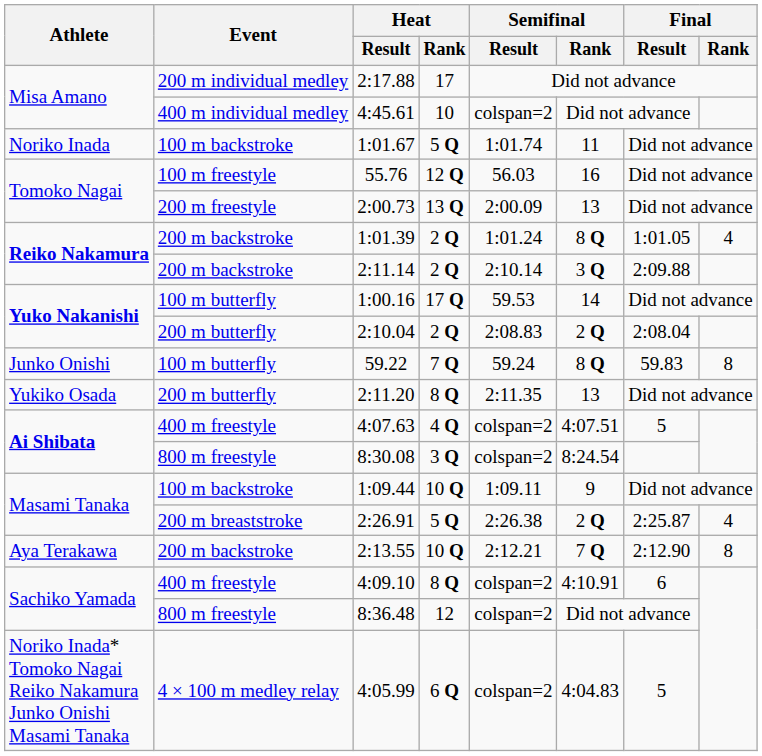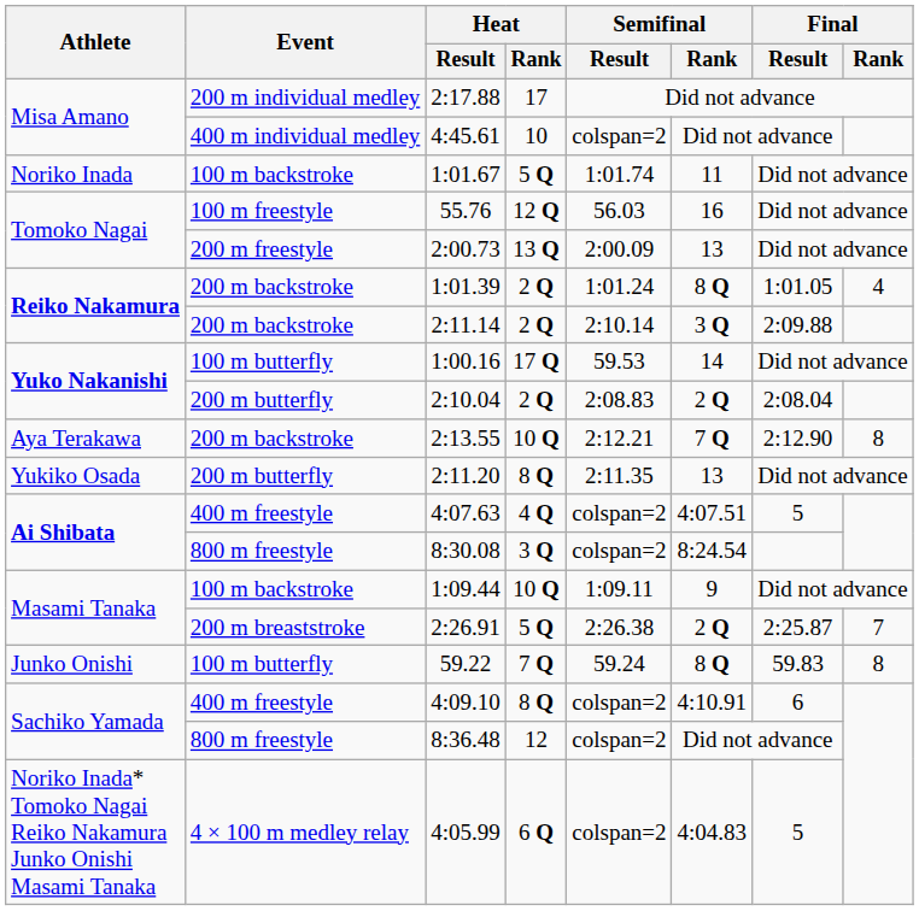 <table class="wikitable" style="font-size:90%;">
 <tr>
 <th rowspan="2">Athlete</th>
 <th rowspan="2">Event</th>
 <th colspan="2">Heat</th>
 <th colspan="2">Semifinal</th>
 <th colspan="2">Final</th>
 </tr>
 <tr style="font-size:95%">
 <th>Result</th>
 <th>Rank</th>
 <th>Result</th>
 <th>Rank</th>
 <th>Result</th>
 <th>Rank</th>
 </tr>
 <tr align=center>
 <td align=left rowspan=2><a href='#'>Misa Amano</a></td>
 <td align=left><a href='#'>200 m individual medley</a></td>
 <td>2:17.88</td>
 <td>17</td>
 <td colspan=4>Did not advance</td>
 </tr>
 <tr align=center>
 <td align=left><a href='#'>400 m individual medley</a></td>
 <td>4:45.61</td>
 <td>10</td>
 <td>colspan=2 </td>
 <td colspan=2>Did not advance</td>
 </tr>
 <tr align=center>
 <td align=left><a href='#'>Noriko Inada</a></td>
 <td align=left><a href='#'>100 m backstroke</a></td>
 <td>1:01.67</td>
 <td>5 <strong>Q</strong></td>
 <td>1:01.74</td>
 <td>11</td>
 <td colspan=2>Did not advance</td>
 </tr>
 <tr align=center>
 <td align=left rowspan=2><a href='#'>Tomoko Nagai</a></td>
 <td align=left><a href='#'>100 m freestyle</a></td>
 <td>55.76</td>
 <td>12 <strong>Q</strong></td>
 <td>56.03</td>
 <td>16</td>
 <td colspan=2>Did not advance</td>
 </tr>
 <tr align=center>
 <td align=left><a href='#'>200 m freestyle</a></td>
 <td>2:00.73</td>
 <td>13 <strong>Q</strong></td>
 <td>2:00.09</td>
 <td>13</td>
 <td colspan=2>Did not advance</td>
 </tr>
 <tr align=center>
 <td align=left rowspan=2><strong><a href='#'>Reiko Nakamura</a></strong></td>
 <td align=left><a href='#'>200 m backstroke</a></td>
 <td>1:01.39</td>
 <td>2 <strong>Q</strong></td>
 <td>1:01.24</td>
 <td>8 <strong>Q</strong></td>
 <td>1:01.05</td>
 <td>4</td>
 </tr>
 <tr align=center>
 <td align=left><a href='#'>200 m backstroke</a></td>
 <td>2:11.14</td>
 <td>2 <strong>Q</strong></td>
 <td>2:10.14</td>
 <td>3 <strong>Q</strong></td>
 <td>2:09.88</td>
 <td></td>
 </tr>
 <tr align=center>
 <td align=left rowspan=2><strong><a href='#'>Yuko Nakanishi</a></strong></td>
 <td align=left><a href='#'>100 m butterfly</a></td>
 <td>1:00.16</td>
 <td>17 <strong>Q</strong></td>
 <td>59.53</td>
 <td>14</td>
 <td colspan=2>Did not advance</td>
 </tr>
 <tr align=center>
 <td align=left><a href='#'>200 m butterfly</a></td>
 <td>2:10.04</td>
 <td>2 <strong>Q</strong></td>
 <td>2:08.83</td>
 <td>2 <strong>Q</strong></td>
 <td>2:08.04</td>
 <td></td>
 </tr>
 <tr align=center>
-<td align=left><a href='#'>Junko Onishi</a></td>
-<td align=left><a href='#'>100 m butterfly</a></td>
-<td>59.22</td>
+<td align=left><a href='#'>Aya Terakawa</a></td>
+<td align=left><a href='#'>200 m backstroke</a></td>
+<td>2:13.55</td>
+<td>10 <strong>Q</strong></td>
+<td>2:12.21</td>
 <td>7 <strong>Q</strong></td>
-<td>59.24</td>
-<td>8 <strong>Q</strong></td>
-<td>59.83</td>
+<td>2:12.90</td>
 <td>8</td>
 </tr>
 <tr align=center>
 <td align=left><a href='#'>Yukiko Osada</a></td>
 <td align=left><a href='#'>200 m butterfly</a></td>
 <td>2:11.20</td>
 <td>8 <strong>Q</strong></td>
 <td>2:11.35</td>
 <td>13</td>
 <td colspan=2>Did not advance</td>
 </tr>
 <tr align=center>
 <td align=left rowspan=2><strong><a href='#'>Ai Shibata</a></strong></td>
 <td align=left><a href='#'>400 m freestyle</a></td>
 <td>4:07.63</td>
 <td>4 <strong>Q</strong></td>
 <td>colspan=2 </td>
 <td>4:07.51</td>
 <td>5</td>
 </tr>
 <tr align=center>
 <td align=left><a href='#'>800 m freestyle</a></td>
 <td>8:30.08</td>
 <td>3 <strong>Q</strong></td>
 <td>colspan=2 </td>
 <td>8:24.54</td>
 <td></td>
 </tr>
 <tr align=center>
 <td align=left rowspan=2><a href='#'>Masami Tanaka</a></td>
 <td align=left><a href='#'>100 m backstroke</a></td>
 <td>1:09.44</td>
 <td>10 <strong>Q</strong></td>
 <td>1:09.11</td>
 <td>9</td>
 <td colspan=2>Did not advance</td>
 </tr>
 <tr align=center>
 <td align=left><a href='#'>200 m breaststroke</a></td>
 <td>2:26.91</td>
 <td>5 <strong>Q</strong></td>
 <td>2:26.38</td>
 <td>2 <strong>Q</strong></td>
 <td>2:25.87</td>
-<td>4</td>
+<td>7</td>
 </tr>
 <tr align=center>
-<td align=left><a href='#'>Aya Terakawa</a></td>
-<td align=left><a href='#'>200 m backstroke</a></td>
-<td>2:13.55</td>
-<td>10 <strong>Q</strong></td>
-<td>2:12.21</td>
+<td align=left><a href='#'>Junko Onishi</a></td>
+<td align=left><a href='#'>100 m butterfly</a></td>
+<td>59.22</td>
 <td>7 <strong>Q</strong></td>
-<td>2:12.90</td>
+<td>59.24</td>
+<td>8 <strong>Q</strong></td>
+<td>59.83</td>
 <td>8</td>
 </tr>
 <tr align=center>
 <td align=left rowspan=2><a href='#'>Sachiko Yamada</a></td>
 <td align=left><a href='#'>400 m freestyle</a></td>
 <td>4:09.10</td>
 <td>8 <strong>Q</strong></td>
 <td>colspan=2 </td>
 <td>4:10.91</td>
 <td>6</td>
 </tr>
 <tr align=center>
 <td align=left><a href='#'>800 m freestyle</a></td>
 <td>8:36.48</td>
 <td>12</td>
 <td>colspan=2 </td>
 <td colspan=2>Did not advance</td>
 </tr>
 <tr align=center>
 <td align=left><a href='#'>Noriko Inada</a>*<br><a href='#'>Tomoko Nagai</a><br><a href='#'>Reiko Nakamura</a><br><a href='#'>Junko Onishi</a><br><a href='#'>Masami Tanaka</a></td>
 <td align=left><a href='#'>4 × 100 m medley relay</a></td>
 <td>4:05.99</td>
 <td>6 <strong>Q</strong></td>
 <td>colspan=2 </td>
 <td>4:04.83</td>
 <td>5</td>
 </tr>
 </table>
